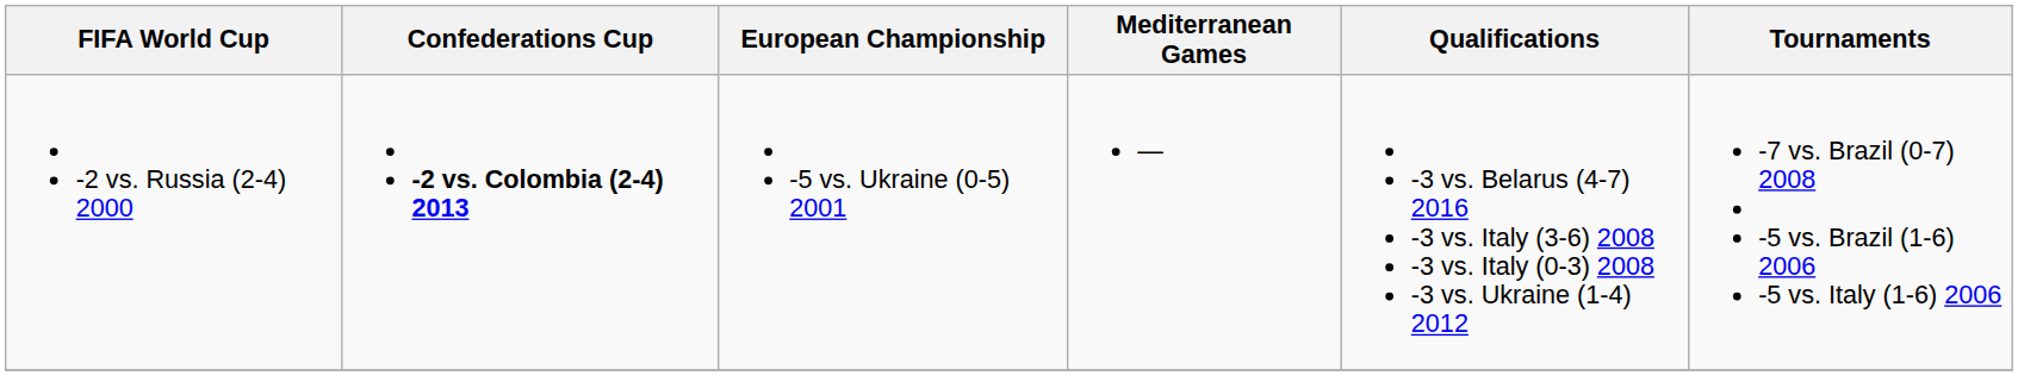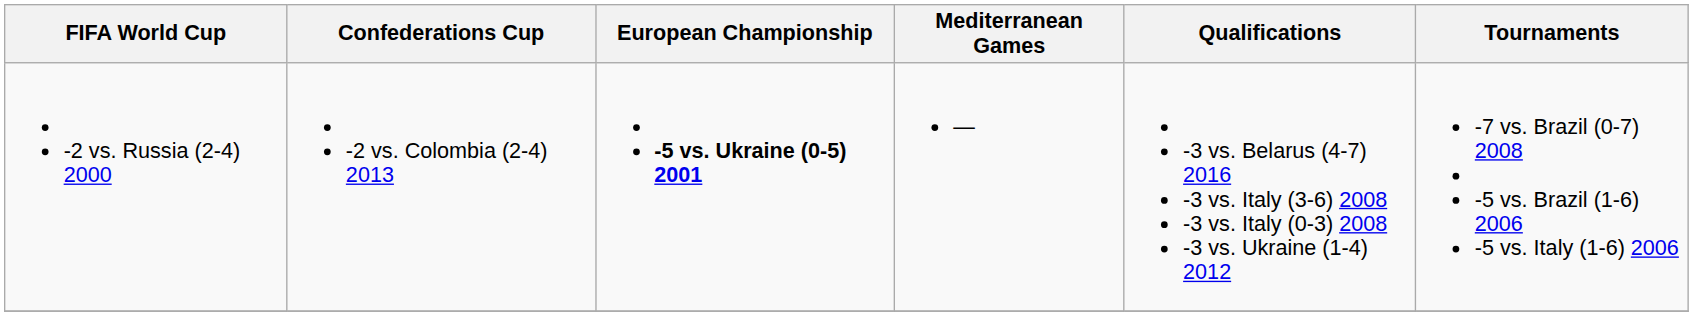 <table class="wikitable">
 <tr>
 <th>FIFA World Cup</th>
 <th>Confederations Cup</th>
 <th>European Championship</th>
 <th>Mediterranean Games</th>
 <th>Qualifications</th>
 <th>Tournaments</th>
 </tr>
 <tr style="vertical-align:top;">
 <td><br><ul><li></li><li>-2 vs. Russia (2-4) <a href='#'>2000</a></li></ul></td>
-<td><strong><br><ul><li></li><li>-2 vs. Colombia (2-4) <a href='#'>2013</a></li></ul></strong></td>
-<td><br><ul><li></li><li>-5 vs. Ukraine (0-5) <a href='#'>2001</a></li></ul></td>
+<td><br><ul><li></li><li>-2 vs. Colombia (2-4) <a href='#'>2013</a></li></ul></td>
+<td><strong><br><ul><li></li><li>-5 vs. Ukraine (0-5) <a href='#'>2001</a></li></ul></strong></td>
 <td><br><ul><li>—</li></ul></td>
 <td><br><ul><li></li><li>-3 vs. Belarus (4-7) <a href='#'>2016</a></li><li>-3 vs. Italy (3-6) <a href='#'>2008</a></li><li>-3 vs. Italy (0-3) <a href='#'>2008</a></li><li>-3 vs. Ukraine (1-4) <a href='#'>2012</a></li></ul></td>
 <td><br><ul><li>-7 vs. Brazil (0-7) <a href='#'>2008</a></li><li></li><li>-5 vs. Brazil (1-6) <a href='#'>2006</a></li><li>-5 vs. Italy (1-6) <a href='#'>2006</a></li></ul></td>
 </tr>
 <tr>
 </tr>
 </table>
